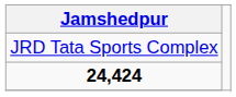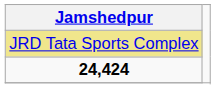 <table class="wikitable" style="text-align:center; margin:0.2em auto;">
 <tr>
 <th><a href='#'>Jamshedpur</a></th>
 <td rowspan="4"></td>
 </tr>
 <tr>
-<td><a href='#'>JRD Tata Sports Complex</a></td>
+<td style="background: khaki;"><a href='#'>JRD Tata Sports Complex</a></td>
 </tr>
 <tr>
 <td><strong>24,424</strong></td>
 </tr>
 <tr>
 </tr>
 </table>
